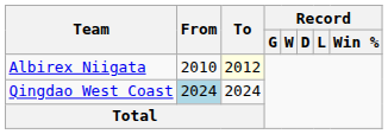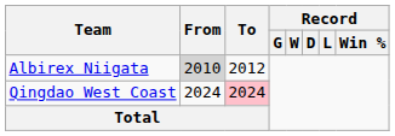 <table class="wikitable" style="text-align: center">
 <tr>
 <th rowspan="2">Team</th>
 <th rowspan="2">From</th>
 <th rowspan="2">To</th>
 <th colspan="5">Record</th>
 </tr>
 <tr>
 <th>G</th>
 <th>W</th>
 <th>D</th>
 <th>L</th>
 <th>Win %</th>
 </tr>
 <tr>
 <td align="left"><a href='#'>Albirex Niigata</a></td>
-<td align="left">2010</td>
-<td align="left" style="background: lightyellow;">2012<br></td>
+<td align="left" style="background: lightgrey;">2010</td>
+<td align="left">2012<br></td>
 </tr>
 <tr>
 <td align="left"><a href='#'>Qingdao West Coast</a></td>
-<td align="left" style="background: lightblue;">2024</td>
-<td align="left">2024<br></td>
+<td align="left">2024</td>
+<td align="left" style="background: pink;">2024<br></td>
 </tr>
 <tr>
 <th colspan="3">Total<br></th>
 </tr>
 </table>
